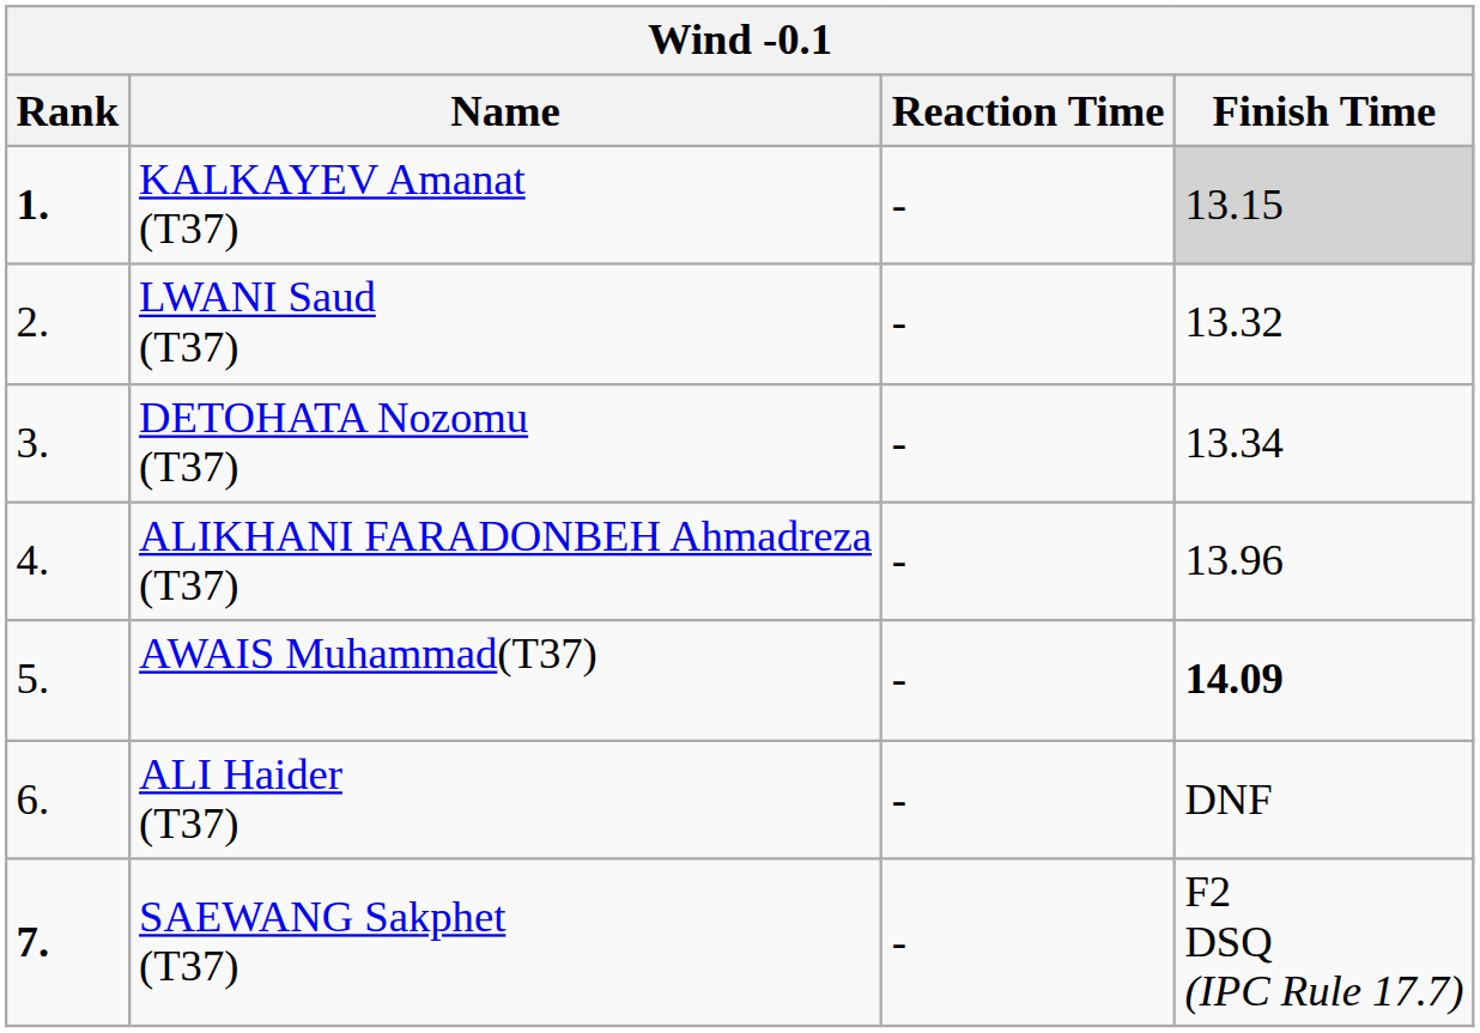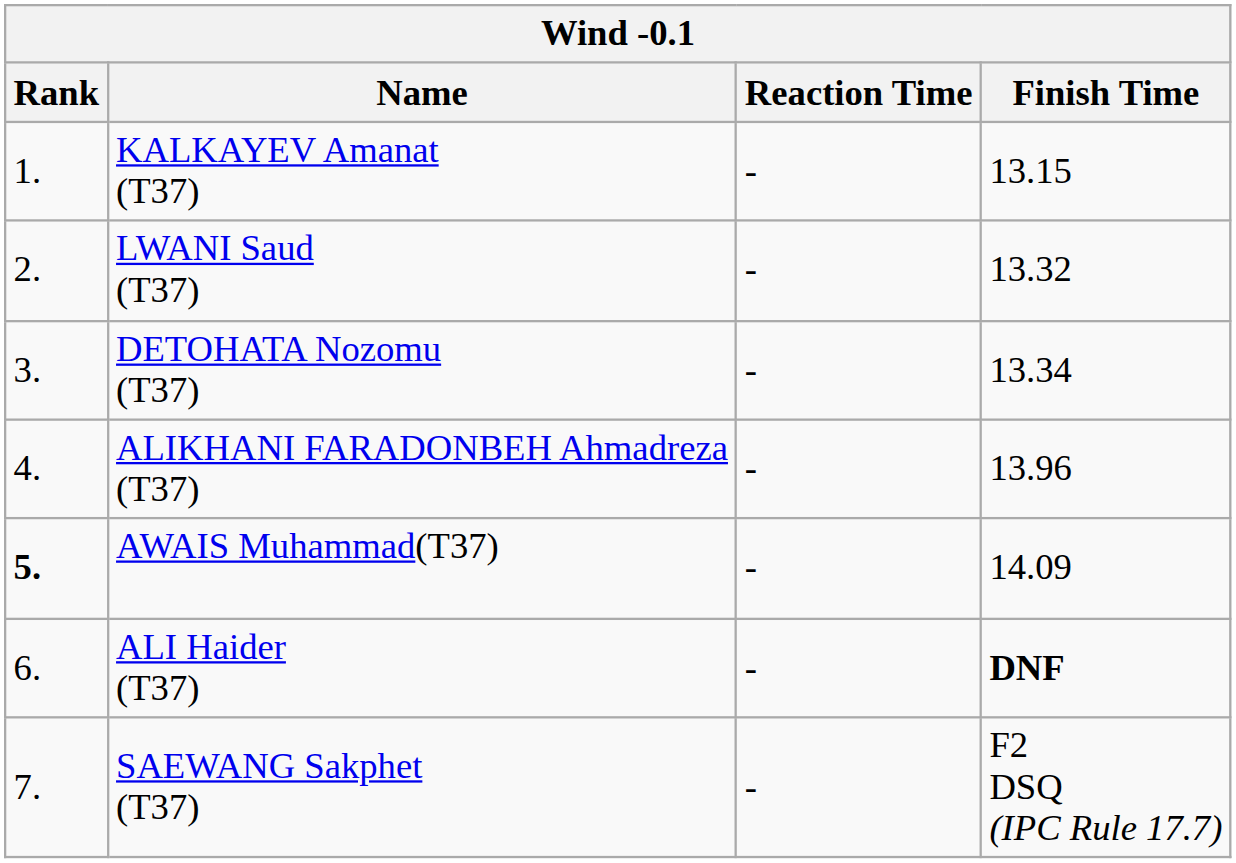 <table class="wikitable">
 <tr>
 <th colspan="4">Wind -0.1</th>
 </tr>
 <tr>
 <th>Rank</th>
 <th>Name</th>
 <th>Reaction Time</th>
 <th>Finish Time</th>
 </tr>
 <tr>
-<td><strong>1.</strong></td>
+<td>1.</td>
 <td><a href='#'>KALKAYEV Amanat</a><br>(T37) <br> </td>
 <td>-</td>
-<td style="background: lightgrey;">13.15</td>
+<td>13.15</td>
 </tr>
 <tr>
 <td>2.</td>
 <td><a href='#'>LWANI Saud</a><br>(T37)<br> </td>
 <td>-</td>
 <td>13.32</td>
 </tr>
 <tr>
 <td>3.</td>
 <td><a href='#'>DETOHATA Nozomu</a><br>(T37) <br> </td>
 <td>-</td>
 <td>13.34</td>
 </tr>
 <tr>
 <td>4.</td>
 <td><a href='#'>ALIKHANI FARADONBEH Ahmadreza</a><br>(T37) <br> </td>
 <td>-</td>
 <td>13.96</td>
 </tr>
 <tr>
-<td>5.</td>
+<td><strong>5.</strong></td>
 <td><a href='#'>AWAIS Muhammad</a>(T37)<br><br></td>
 <td>-</td>
-<td><strong>14.09</strong></td>
+<td>14.09</td>
 </tr>
 <tr>
 <td>6.</td>
 <td><a href='#'>ALI Haider</a><br>(T37) <br> </td>
 <td>-</td>
-<td>DNF</td>
+<td><strong>DNF</strong></td>
 </tr>
 <tr>
-<td><strong>7.</strong></td>
+<td>7.</td>
 <td><a href='#'>SAEWANG Sakphet</a><br>(T37) <br> </td>
 <td>-</td>
 <td>F2<br>DSQ<br><em>(IPC Rule 17.7)</em></td>
 </tr>
 </table>
